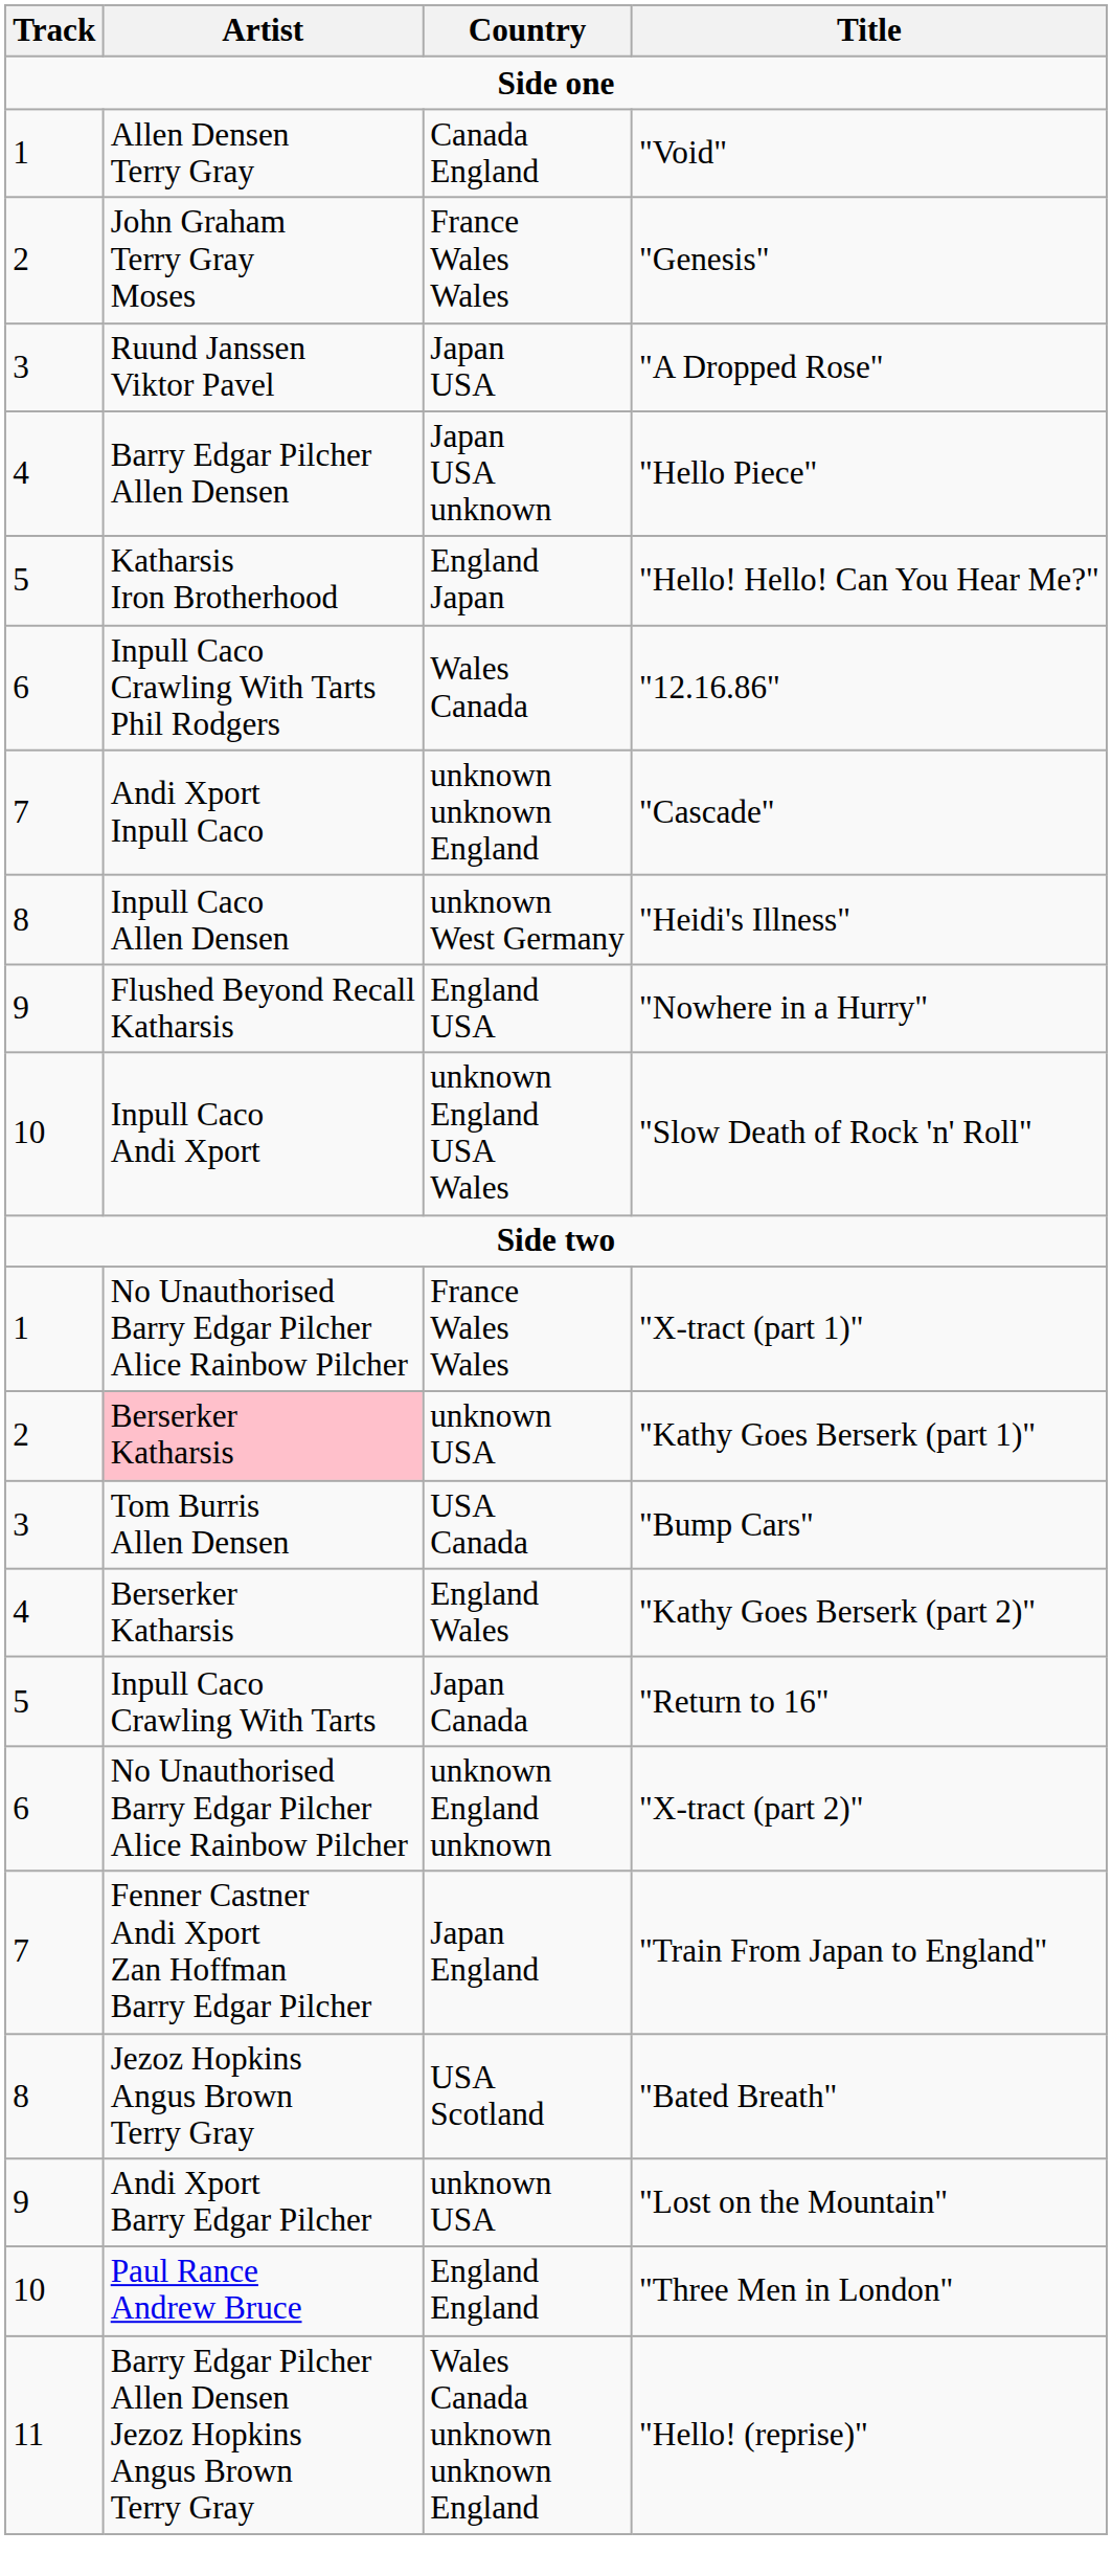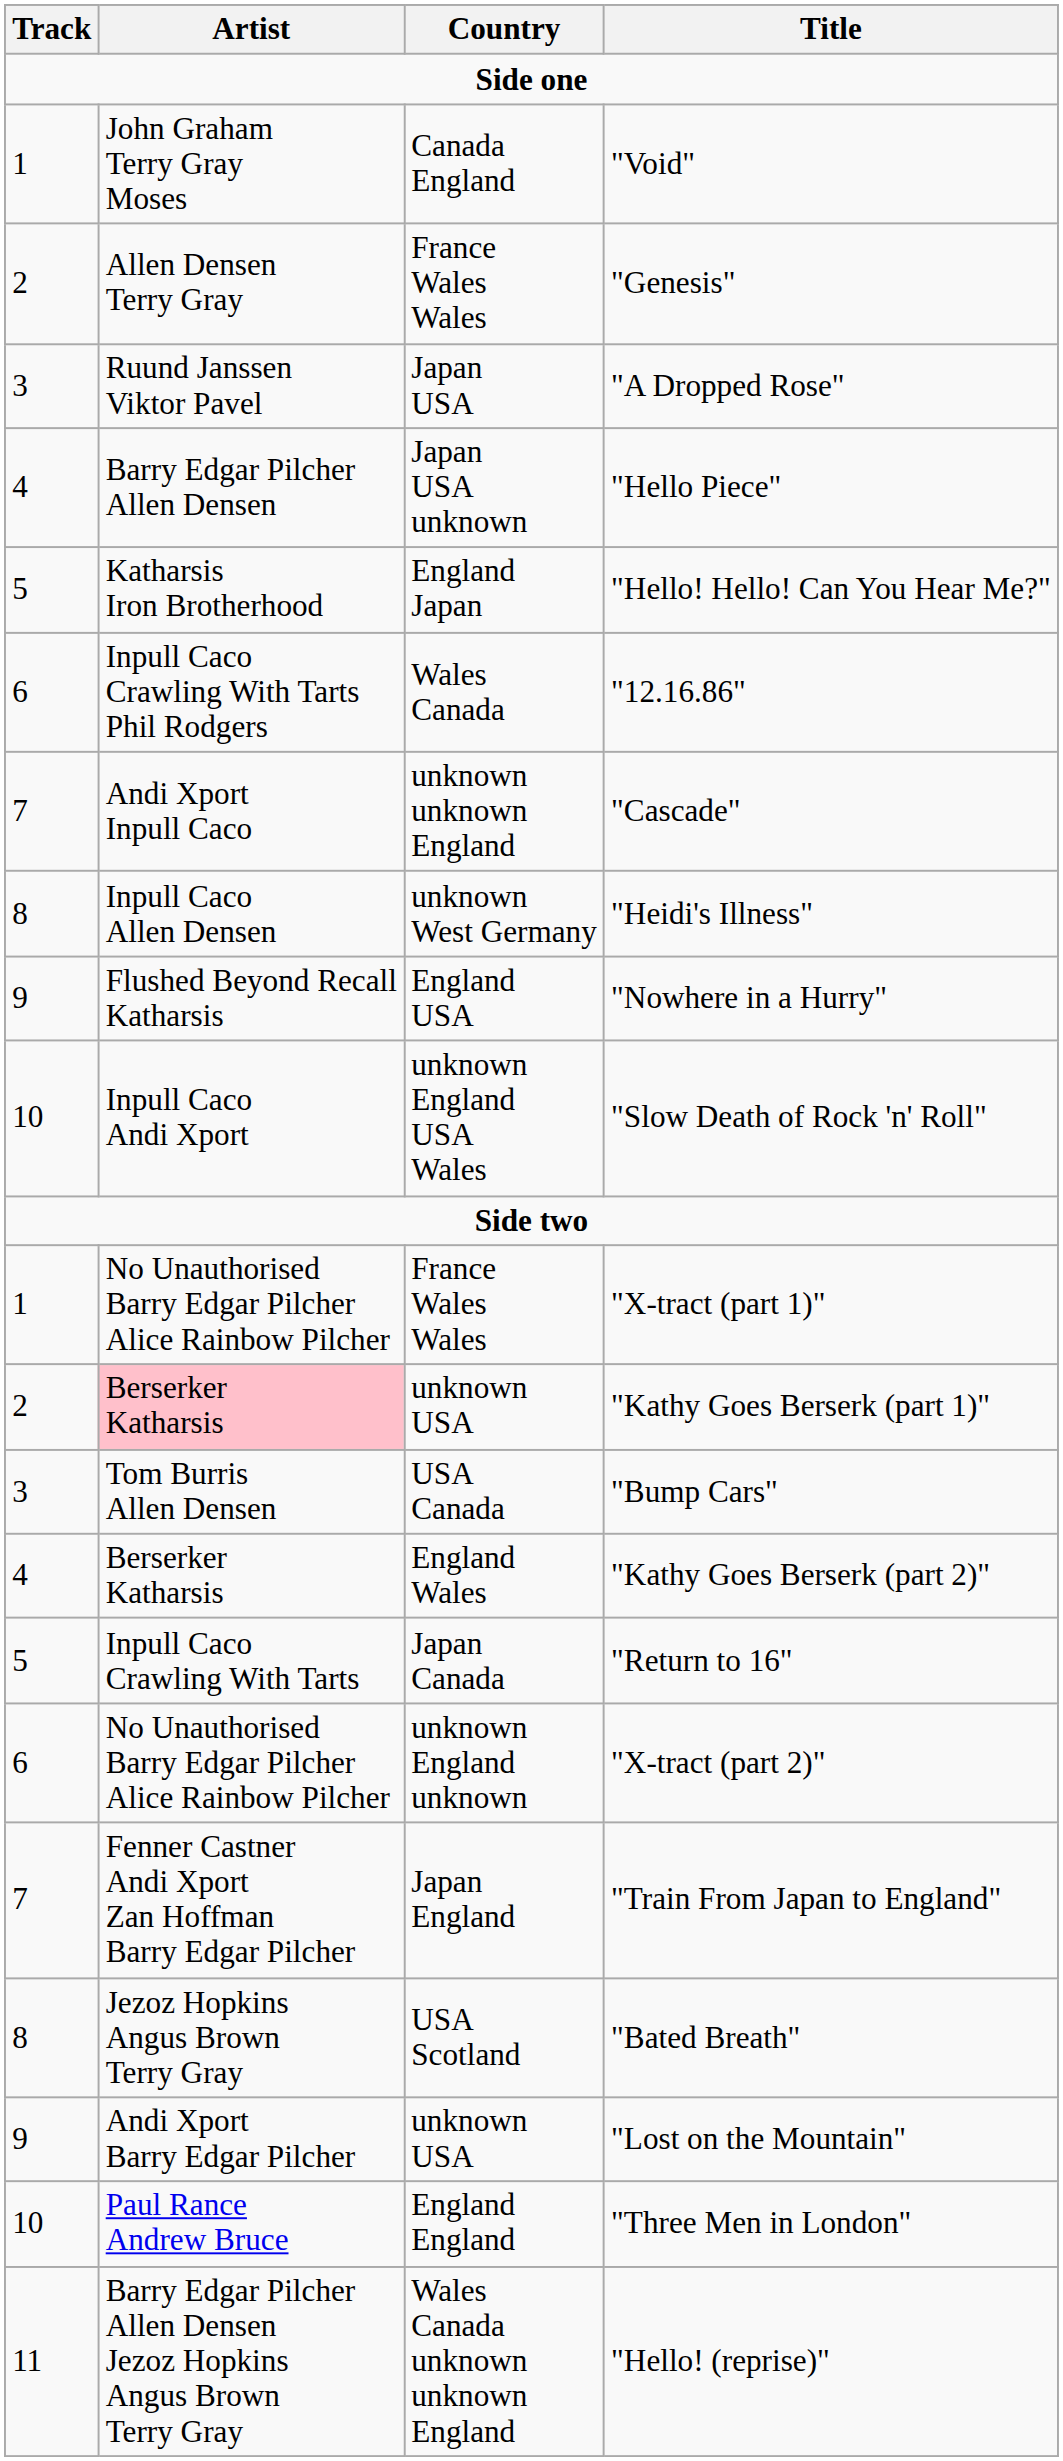 <table class="wikitable">
 <tr>
 <th>Track</th>
 <th>Artist</th>
 <th>Country</th>
 <th>Title</th>
 </tr>
 <tr>
 <td colspan="4" align="center"><strong>Side one</strong></td>
 </tr>
 <tr>
 <td>1</td>
-<td>Allen Densen<br>Terry Gray</td>
+<td>John Graham<br>Terry Gray<br>Moses</td>
 <td>Canada<br>England</td>
 <td>"Void"</td>
 </tr>
 <tr>
 <td>2</td>
-<td>John Graham<br>Terry Gray<br>Moses</td>
+<td>Allen Densen<br>Terry Gray</td>
 <td>France<br>Wales<br>Wales</td>
 <td>"Genesis"</td>
 </tr>
 <tr>
 <td>3</td>
 <td>Ruund Janssen<br>Viktor Pavel</td>
 <td>Japan<br>USA</td>
 <td>"A Dropped Rose"</td>
 </tr>
 <tr>
 <td>4</td>
 <td>Barry Edgar Pilcher<br>Allen Densen</td>
 <td>Japan<br>USA<br>unknown</td>
 <td>"Hello Piece"</td>
 </tr>
 <tr>
 <td>5</td>
 <td>Katharsis<br>Iron Brotherhood</td>
 <td>England<br>Japan</td>
 <td>"Hello! Hello! Can You Hear Me?"</td>
 </tr>
 <tr>
 <td>6</td>
 <td>Inpull Caco<br>Crawling With Tarts<br>Phil Rodgers</td>
 <td>Wales<br>Canada</td>
 <td>"12.16.86"</td>
 </tr>
 <tr>
 <td>7</td>
 <td>Andi Xport<br>Inpull Caco</td>
 <td>unknown<br>unknown<br>England</td>
 <td>"Cascade"</td>
 </tr>
 <tr>
 <td>8</td>
 <td>Inpull Caco<br>Allen Densen</td>
 <td>unknown<br>West Germany</td>
 <td>"Heidi's Illness"</td>
 </tr>
 <tr>
 <td>9</td>
 <td>Flushed Beyond Recall<br>Katharsis</td>
 <td>England<br>USA</td>
 <td>"Nowhere in a Hurry"</td>
 </tr>
 <tr>
 <td>10</td>
 <td>Inpull Caco<br>Andi Xport</td>
 <td>unknown<br>England<br>USA<br>Wales</td>
 <td>"Slow Death of Rock 'n' Roll"</td>
 </tr>
 <tr>
 <td colspan="4" align="center"><strong>Side two</strong></td>
 </tr>
 <tr>
 <td>1</td>
 <td>No Unauthorised<br>Barry Edgar Pilcher<br>Alice Rainbow Pilcher</td>
 <td>France<br>Wales<br>Wales</td>
 <td>"X-tract (part 1)"</td>
 </tr>
 <tr>
 <td>2</td>
 <td style="background: pink;">Berserker<br>Katharsis</td>
 <td>unknown<br>USA</td>
 <td>"Kathy Goes Berserk (part 1)"</td>
 </tr>
 <tr>
 <td>3</td>
 <td>Tom Burris<br>Allen Densen</td>
 <td>USA<br>Canada</td>
 <td>"Bump Cars"</td>
 </tr>
 <tr>
 <td>4</td>
 <td>Berserker<br>Katharsis</td>
 <td>England<br>Wales</td>
 <td>"Kathy Goes Berserk (part 2)"</td>
 </tr>
 <tr>
 <td>5</td>
 <td>Inpull Caco<br>Crawling With Tarts</td>
 <td>Japan<br>Canada</td>
 <td>"Return to 16"</td>
 </tr>
 <tr>
 <td>6</td>
 <td>No Unauthorised<br>Barry Edgar Pilcher<br>Alice Rainbow Pilcher</td>
 <td>unknown<br>England<br>unknown</td>
 <td>"X-tract (part 2)"</td>
 </tr>
 <tr>
 <td>7</td>
 <td>Fenner Castner<br>Andi Xport<br>Zan Hoffman<br>Barry Edgar Pilcher</td>
 <td>Japan<br>England</td>
 <td>"Train From Japan to England"</td>
 </tr>
 <tr>
 <td>8</td>
 <td>Jezoz Hopkins<br>Angus Brown<br>Terry Gray</td>
 <td>USA<br>Scotland</td>
 <td>"Bated Breath"</td>
 </tr>
 <tr>
 <td>9</td>
 <td>Andi Xport<br>Barry Edgar Pilcher</td>
 <td>unknown<br>USA</td>
 <td>"Lost on the Mountain"</td>
 </tr>
 <tr>
 <td>10</td>
 <td><a href='#'>Paul Rance</a><br><a href='#'>Andrew Bruce</a></td>
 <td>England<br>England</td>
 <td>"Three Men in London"</td>
 </tr>
 <tr>
 <td>11</td>
 <td>Barry Edgar Pilcher<br>Allen Densen<br>Jezoz Hopkins<br>Angus Brown<br>Terry Gray</td>
 <td>Wales<br>Canada<br>unknown<br>unknown<br>England</td>
 <td>"Hello! (reprise)"</td>
 </tr>
 </table>
